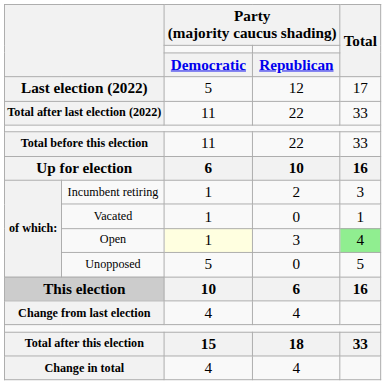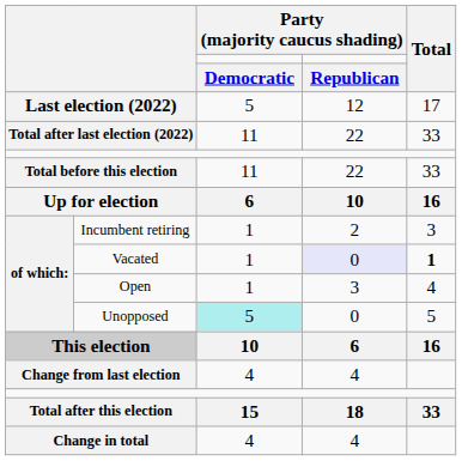 <table class="wikitable" style="text-align:center">
 <tr>
 <th colspan="2" rowspan="3"></th>
 <th colspan="2">Party<div>(majority caucus shading)</div></th>
 <th rowspan="3">Total</th>
 </tr>
 <tr style="height:5px">
 <td style="background-color:"></td>
 <td style="background-color:"></td>
 </tr>
 <tr>
 <th><a href='#'>Democratic</a></th>
 <th><a href='#'>Republican</a></th>
 </tr>
 <tr>
 <th colspan="2" nowrap="">Last election (2022)</th>
 <td>5</td>
 <td>12</td>
 <td>17</td>
 </tr>
 <tr>
 <th colspan="2" nowrap="" style="font-size:80%">Total after last election (2022)</th>
 <td>11</td>
 <td>22</td>
 <td>33</td>
 </tr>
 <tr>
 <td colspan="5"></td>
 </tr>
 <tr>
 <th colspan="2" nowrap="" style="font-size:80%">Total before this election</th>
 <td>11</td>
 <td>22</td>
 <td>33</td>
 </tr>
 <tr>
 <th colspan="2">Up for election</th>
 <th>6</th>
 <th>10</th>
 <th>16</th>
 </tr>
 <tr>
 <th rowspan="4" style="font-size:80%">of which:</th>
 <td nowrap="" style="font-size:80%">Incumbent retiring</td>
 <td>1</td>
 <td>2</td>
 <td>3</td>
 </tr>
 <tr>
 <td nowrap="" style="font-size:80%">Vacated</td>
 <td>1</td>
-<td>0</td>
-<td>1</td>
+<td style="background: lavender;">0</td>
+<td><strong>1</strong></td>
 </tr>
 <tr>
 <td nowrap="" style="font-size:80%">Open</td>
-<td style="background: lightyellow;">1</td>
+<td>1</td>
 <td>3</td>
-<td style="background: lightgreen;">4</td>
+<td>4</td>
 </tr>
 <tr>
 <td nowrap="" style="font-size:80%">Unopposed</td>
-<td>5</td>
+<td style="background: paleturquoise;">5</td>
 <td>0</td>
 <td>5</td>
 </tr>
 <tr>
 <th colspan="2" nowrap="" style="background:#ccc">This election</th>
 <th>10</th>
 <th>6</th>
 <th>16</th>
 </tr>
 <tr>
 <th colspan="2" nowrap="" style="font-size:80%">Change from last election</th>
 <td> 4</td>
 <td> 4</td>
 <td></td>
 </tr>
 <tr>
 <td colspan="5"></td>
 </tr>
 <tr>
 <th colspan="2" nowrap="" style="font-size:80%">Total after this election</th>
 <th>15</th>
 <th>18</th>
 <th>33</th>
 </tr>
 <tr>
 <th colspan="2" nowrap="" style="font-size:80%">Change in total</th>
 <td> 4</td>
 <td> 4</td>
 <td></td>
 </tr>
 </table>
